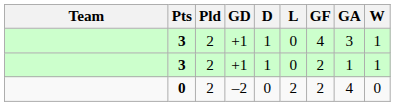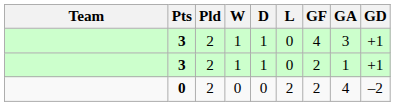 <table class=wikitable style="text-align:center">
 <tr>
 <th width=165>Team</th>
 <th width=20>Pts</th>
 <th width=20>Pld</th>
-<th width=20>GD</th>
+<th width=20>W</th>
 <th width=20>D</th>
 <th width=20>L</th>
 <th width=20>GF</th>
 <th width=20>GA</th>
-<th width=20>W</th>
+<th width=20>GD</th>
 </tr>
 <tr align=center style="background:#ccffcc;">
 <td style="text-align:left;"></td>
 <td><strong>3</strong></td>
 <td>2</td>
-<td>+1</td>
+<td>1</td>
 <td>1</td>
 <td>0</td>
 <td>4</td>
 <td>3</td>
-<td>1</td>
+<td>+1</td>
 </tr>
 <tr align=center style="background:#ccffcc;">
 <td style="text-align:left;"></td>
 <td><strong>3</strong></td>
 <td>2</td>
-<td>+1</td>
+<td>1</td>
 <td>1</td>
 <td>0</td>
 <td>2</td>
 <td>1</td>
-<td>1</td>
+<td>+1</td>
 </tr>
 <tr align=center>
 <td style="text-align:left;"></td>
 <td><strong>0</strong></td>
 <td>2</td>
-<td>–2</td>
+<td>0</td>
 <td>0</td>
 <td>2</td>
 <td>2</td>
 <td>4</td>
-<td>0</td>
+<td>–2</td>
 </tr>
 </table>
